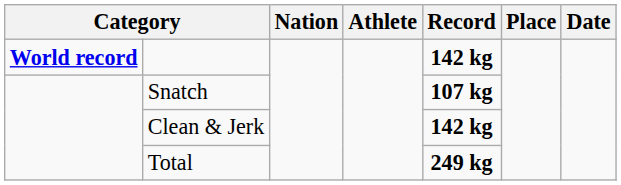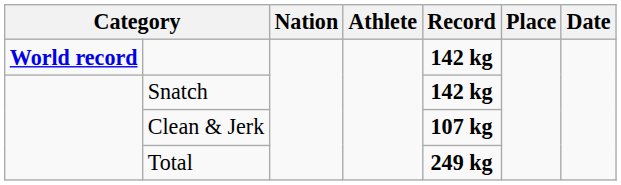 <table class="wikitable" style="text-align:center;">
 <tr>
 <th colspan="2">Category</th>
 <th>Nation</th>
 <th>Athlete</th>
 <th>Record</th>
 <th>Place</th>
 <th>Date</th>
 </tr>
 <tr>
 <td><strong><a href='#'>World record</a></strong></td>
 <td align="left"></td>
 <td align="left" rowspan="4"></td>
 <td align="left" rowspan="4"></td>
 <td><strong>142 kg</strong></td>
 <td align="left" rowspan="4"></td>
 <td align="left" rowspan="4"></td>
 </tr>
 <tr>
 <td rowspan="3"><strong></strong></td>
 <td align="left">Snatch</td>
-<td><strong>107 kg</strong></td>
+<td><strong>142 kg</strong></td>
 </tr>
 <tr>
 <td align="left">Clean & Jerk</td>
-<td><strong>142 kg</strong></td>
+<td><strong>107 kg</strong></td>
 </tr>
 <tr>
 <td align="left">Total</td>
 <td><strong>249 kg</strong></td>
 </tr>
 </table>
